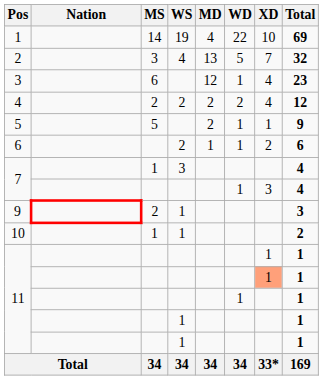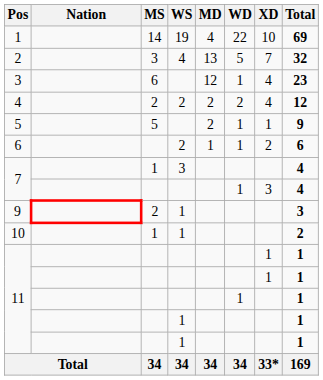 <table class="wikitable" style="text-align:center">
 <tr>
 <th width="20">Pos</th>
 <th width="120">Nation</th>
 <th width="20">MS</th>
 <th width="20">WS</th>
 <th width="20">MD</th>
 <th width="20">WD</th>
 <th width="20">XD</th>
 <th>Total</th>
 </tr>
 <tr>
 <td>1</td>
 <td align="left"></td>
 <td>14</td>
 <td>19</td>
 <td>4</td>
 <td>22</td>
 <td>10</td>
 <td><strong>69</strong></td>
 </tr>
 <tr align="center">
 <td>2</td>
 <td align="left"></td>
 <td>3</td>
 <td>4</td>
 <td>13</td>
 <td>5</td>
 <td>7</td>
 <td><strong>32</strong></td>
 </tr>
 <tr align="center">
 <td>3</td>
 <td align="left"></td>
 <td>6</td>
 <td></td>
 <td>12</td>
 <td>1</td>
 <td>4</td>
 <td><strong>23</strong></td>
 </tr>
 <tr align="center">
 <td>4</td>
 <td align="left"></td>
 <td>2</td>
 <td>2</td>
 <td>2</td>
 <td>2</td>
 <td>4</td>
 <td><strong>12</strong></td>
 </tr>
 <tr align="center">
 <td>5</td>
 <td align="left"></td>
 <td>5</td>
 <td></td>
 <td>2</td>
 <td>1</td>
 <td>1</td>
 <td><strong>9</strong></td>
 </tr>
 <tr>
 <td>6</td>
 <td align="left"></td>
 <td></td>
 <td>2</td>
 <td>1</td>
 <td>1</td>
 <td>2</td>
 <td><strong>6</strong></td>
 </tr>
 <tr>
 <td rowspan=2>7</td>
 <td align="left"></td>
 <td>1</td>
 <td>3</td>
 <td></td>
 <td></td>
 <td></td>
 <td><strong>4</strong></td>
 </tr>
 <tr>
 <td align="left"></td>
 <td></td>
 <td></td>
 <td></td>
 <td>1</td>
 <td>3</td>
 <td><strong>4</strong></td>
 </tr>
 <tr>
 <td>9</td>
 <td align="left" style="border: 3px solid red"></td>
 <td>2</td>
 <td>1</td>
 <td></td>
 <td></td>
 <td></td>
 <td><strong>3</strong></td>
 </tr>
 <tr>
 <td>10</td>
 <td align="left"></td>
 <td>1</td>
 <td>1</td>
 <td></td>
 <td></td>
 <td></td>
 <td><strong>2</strong></td>
 </tr>
 <tr>
 <td rowspan=5>11</td>
 <td align="left"></td>
 <td></td>
 <td></td>
 <td></td>
 <td></td>
 <td>1</td>
 <td><strong>1</strong></td>
 </tr>
 <tr>
 <td align="left"></td>
 <td></td>
 <td></td>
 <td></td>
 <td></td>
-<td style="background: lightsalmon;">1</td>
+<td>1</td>
 <td><strong>1</strong></td>
 </tr>
 <tr>
 <td align="left"></td>
 <td></td>
 <td></td>
 <td></td>
 <td>1</td>
 <td></td>
 <td><strong>1</strong></td>
 </tr>
 <tr>
 <td align="left"></td>
 <td></td>
 <td>1</td>
 <td></td>
 <td></td>
 <td></td>
 <td><strong>1</strong></td>
 </tr>
 <tr>
 <td align="left"></td>
 <td></td>
 <td>1</td>
 <td></td>
 <td></td>
 <td></td>
 <td><strong>1</strong></td>
 </tr>
 <tr>
 <th colspan="2">Total</th>
 <th>34</th>
 <th>34</th>
 <th>34</th>
 <th>34</th>
 <th>33*</th>
 <th><strong>169</strong></th>
 </tr>
 </table>
